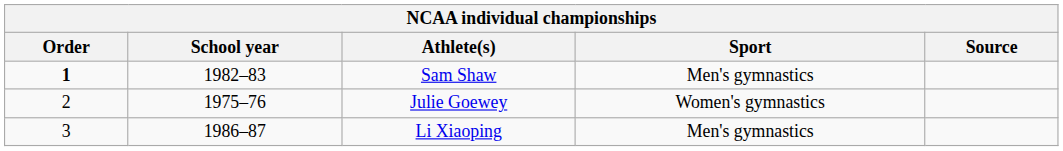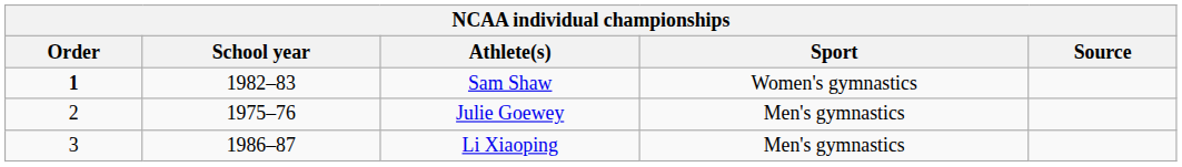 <table class="wikitable sortable" width="60%">
 <tr style="text-align:center">
 <th colspan=5>NCAA individual championships</th>
 </tr>
 <tr>
 <th>Order</th>
 <th>School year</th>
 <th>Athlete(s)</th>
 <th>Sport</th>
 <th>Source</th>
 </tr>
 <tr style="text-align:center; background:">
 <td><strong>1</strong></td>
 <td>1982–83</td>
 <td><a href='#'>Sam Shaw</a></td>
-<td>Men's gymnastics</td>
+<td>Women's gymnastics</td>
 <td></td>
 </tr>
 <tr style="text-align:center; background:">
 <td>2</td>
 <td>1975–76</td>
 <td><a href='#'>Julie Goewey</a></td>
-<td>Women's gymnastics</td>
+<td>Men's gymnastics</td>
 <td></td>
 </tr>
 <tr style="text-align:center; background:">
 <td>3</td>
 <td>1986–87</td>
 <td><a href='#'>Li Xiaoping</a></td>
 <td>Men's gymnastics</td>
 <td></td>
 </tr>
 </table>
